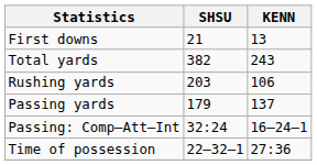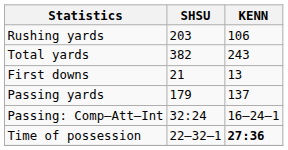 <table class="wikitable" style="float: left;">
 <tr>
 <th>Statistics</th>
 <th>SHSU</th>
 <th>KENN</th>
 </tr>
 <tr>
-<td>First downs</td>
-<td>21</td>
-<td>13</td>
+<td>Rushing yards</td>
+<td>203</td>
+<td>106</td>
 </tr>
 <tr>
 <td>Total yards</td>
 <td>382</td>
 <td>243</td>
 </tr>
 <tr>
-<td>Rushing yards</td>
-<td>203</td>
-<td>106</td>
+<td>First downs</td>
+<td>21</td>
+<td>13</td>
 </tr>
 <tr>
 <td>Passing yards</td>
 <td>179</td>
 <td>137</td>
 </tr>
 <tr>
 <td>Passing: Comp–Att–Int</td>
 <td>32:24</td>
 <td>16–24–1</td>
 </tr>
 <tr>
 <td>Time of possession</td>
 <td>22–32–1</td>
-<td>27:36</td>
+<td><strong>27:36</strong></td>
 </tr>
 <tr>
 </tr>
 </table>
